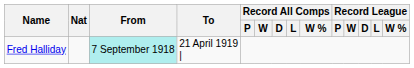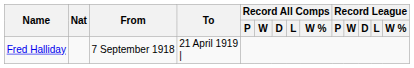 <table class="wikitable" style="text-align: center">
 <tr>
 <th rowspan="2">Name</th>
 <th rowspan="2">Nat</th>
 <th rowspan="2">From</th>
 <th rowspan="2">To</th>
 <th colspan="5">Record All Comps</th>
 <th colspan="5">Record League</th>
 </tr>
 <tr>
 <th>P</th>
 <th>W</th>
 <th>D</th>
 <th>L</th>
 <th>W %</th>
 <th>P</th>
 <th>W</th>
 <th>D</th>
 <th>L</th>
 <th>W %</th>
 </tr>
 <tr>
 <td align=left><a href='#'>Fred Halliday</a></td>
 <td></td>
-<td align=left style="background: paleturquoise;">7 September 1918</td>
+<td align=left>7 September 1918</td>
 <td align=left>21 April 1919<br>|</td>
 </tr>
 </table>
